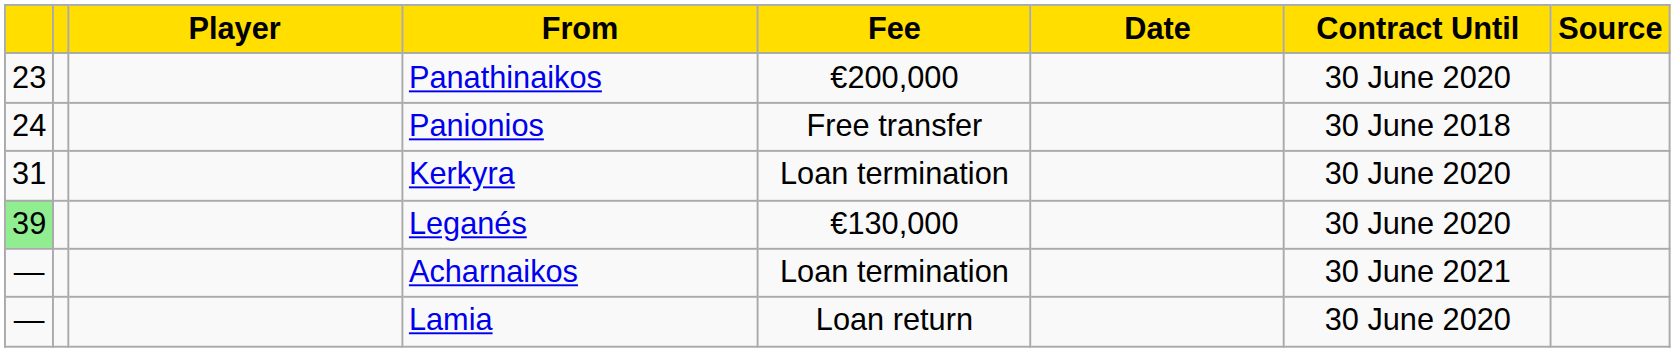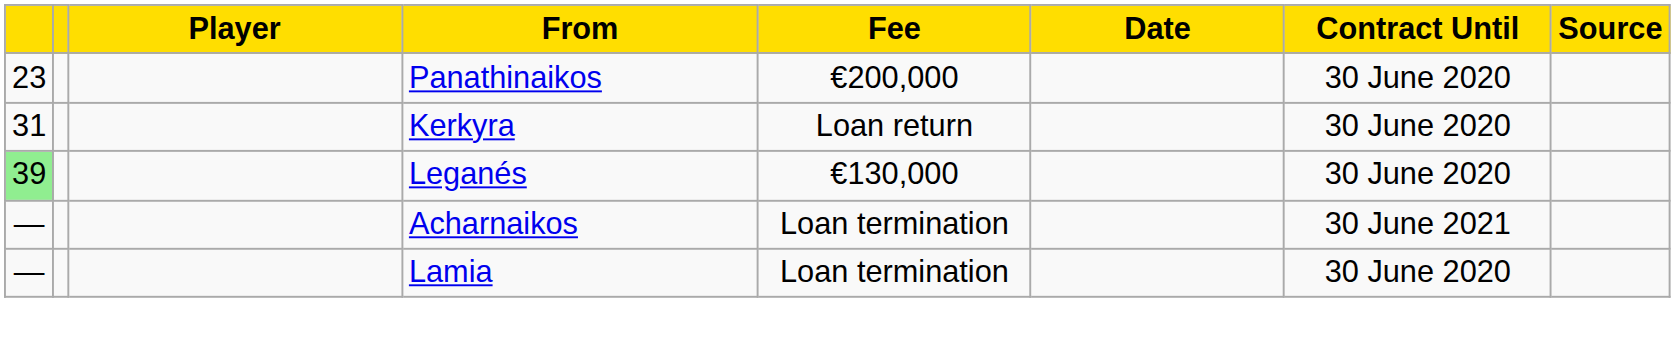 <table class="wikitable sortable">
 <tr>
 <th style="background:#FFDE00"></th>
 <th style="background:#FFDE00"></th>
 <th width=200 style="background:#FFDE00">Player</th>
 <th width=200 style="background:#FFDE00">From</th>
 <th width=150 style="background:#FFDE00">Fee</th>
 <th width=150 style="background:#FFDE00">Date</th>
 <th width=150 style="background:#FFDE00">Contract Until</th>
 <th style="background:#FFDE00">Source</th>
 </tr>
 <tr>
 <td align=center>23</td>
 <td align=center></td>
 <td></td>
 <td> <a href='#'>Panathinaikos</a></td>
 <td align=center>€200,000</td>
 <td align=center></td>
 <td align=center>30 June 2020</td>
 <td align=center></td>
 </tr>
 <tr>
-<td align=center>24</td>
-<td align=center></td>
-<td></td>
-<td> <a href='#'>Panionios</a></td>
-<td align=center>Free transfer</td>
-<td align=center></td>
-<td align=center>30 June 2018</td>
-<td align=center></td>
-</tr>
-<tr>
 <td align=center>31</td>
 <td align=center></td>
 <td></td>
 <td> <a href='#'>Kerkyra</a></td>
-<td align=center>Loan termination</td>
+<td align=center>Loan return</td>
 <td align=center></td>
 <td align=center>30 June 2020</td>
 <td align=center></td>
 </tr>
 <tr>
 <td align=center style="background: lightgreen;">39</td>
 <td align=center></td>
 <td></td>
 <td> <a href='#'>Leganés</a></td>
 <td align=center>€130,000</td>
 <td align=center></td>
 <td align=center>30 June 2020</td>
 <td align=center></td>
 </tr>
 <tr>
 <td align=center>—</td>
 <td align=center></td>
 <td></td>
 <td> <a href='#'>Acharnaikos</a></td>
 <td align=center>Loan termination</td>
 <td align=center></td>
 <td align=center>30 June 2021</td>
 <td align=center></td>
 </tr>
 <tr>
 <td align=center>—</td>
 <td align=center></td>
 <td></td>
 <td> <a href='#'>Lamia</a></td>
-<td align=center>Loan return</td>
+<td align=center>Loan termination</td>
 <td align=center></td>
 <td align=center>30 June 2020</td>
 <td align=center></td>
 </tr>
 </table>
